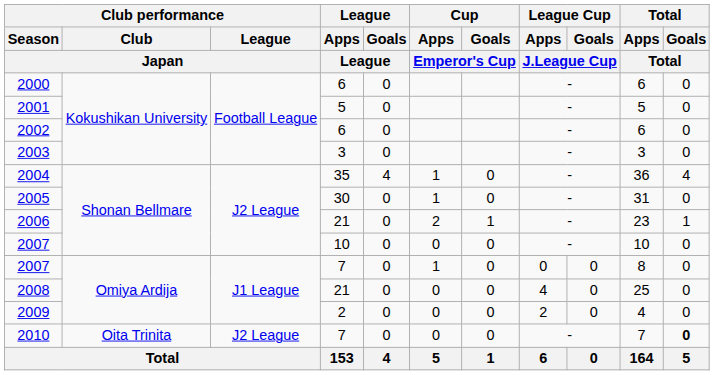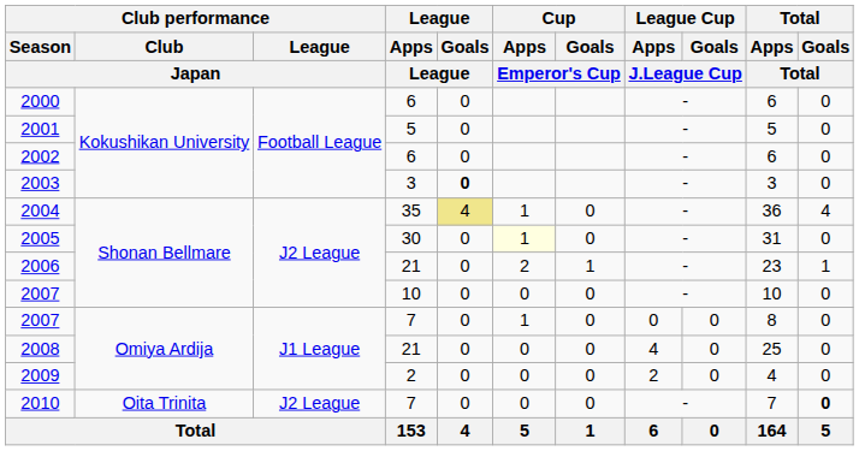 <table class="wikitable" style="text-align:center;">
 <tr>
 <th colspan=3>Club performance</th>
 <th colspan=2>League</th>
 <th colspan=2>Cup</th>
 <th colspan=2>League Cup</th>
 <th colspan=2>Total</th>
 </tr>
 <tr>
 <th>Season</th>
 <th>Club</th>
 <th>League</th>
 <th>Apps</th>
 <th>Goals</th>
 <th>Apps</th>
 <th>Goals</th>
 <th>Apps</th>
 <th>Goals</th>
 <th>Apps</th>
 <th>Goals</th>
 </tr>
 <tr>
 <th colspan=3>Japan</th>
 <th colspan=2>League</th>
 <th colspan=2><a href='#'>Emperor's Cup</a></th>
 <th colspan=2><a href='#'>J.League Cup</a></th>
 <th colspan=2>Total</th>
 </tr>
 <tr>
 <td><a href='#'>2000</a></td>
 <td rowspan="4"><a href='#'>Kokushikan University</a></td>
 <td rowspan="4"><a href='#'>Football League</a></td>
 <td>6</td>
 <td>0</td>
 <td></td>
 <td></td>
 <td colspan="2">-</td>
 <td>6</td>
 <td>0</td>
 </tr>
 <tr>
 <td><a href='#'>2001</a></td>
 <td>5</td>
 <td>0</td>
 <td></td>
 <td></td>
 <td colspan="2">-</td>
 <td>5</td>
 <td>0</td>
 </tr>
 <tr>
 <td><a href='#'>2002</a></td>
 <td>6</td>
 <td>0</td>
 <td></td>
 <td></td>
 <td colspan="2">-</td>
 <td>6</td>
 <td>0</td>
 </tr>
 <tr>
 <td><a href='#'>2003</a></td>
 <td>3</td>
-<td>0</td>
+<td><strong>0</strong></td>
 <td></td>
 <td></td>
 <td colspan="2">-</td>
 <td>3</td>
 <td>0</td>
 </tr>
 <tr>
 <td><a href='#'>2004</a></td>
 <td rowspan="4"><a href='#'>Shonan Bellmare</a></td>
 <td rowspan="4"><a href='#'>J2 League</a></td>
 <td>35</td>
-<td>4</td>
+<td style="background: khaki;">4</td>
 <td>1</td>
 <td>0</td>
 <td colspan="2">-</td>
 <td>36</td>
 <td>4</td>
 </tr>
 <tr>
 <td><a href='#'>2005</a></td>
 <td>30</td>
 <td>0</td>
-<td>1</td>
+<td style="background: lightyellow;">1</td>
 <td>0</td>
 <td colspan="2">-</td>
 <td>31</td>
 <td>0</td>
 </tr>
 <tr>
 <td><a href='#'>2006</a></td>
 <td>21</td>
 <td>0</td>
 <td>2</td>
 <td>1</td>
 <td colspan="2">-</td>
 <td>23</td>
 <td>1</td>
 </tr>
 <tr>
 <td><a href='#'>2007</a></td>
 <td>10</td>
 <td>0</td>
 <td>0</td>
 <td>0</td>
 <td colspan="2">-</td>
 <td>10</td>
 <td>0</td>
 </tr>
 <tr>
 <td><a href='#'>2007</a></td>
 <td rowspan="3"><a href='#'>Omiya Ardija</a></td>
 <td rowspan="3"><a href='#'>J1 League</a></td>
 <td>7</td>
 <td>0</td>
 <td>1</td>
 <td>0</td>
 <td>0</td>
 <td>0</td>
 <td>8</td>
 <td>0</td>
 </tr>
 <tr>
 <td><a href='#'>2008</a></td>
 <td>21</td>
 <td>0</td>
 <td>0</td>
 <td>0</td>
 <td>4</td>
 <td>0</td>
 <td>25</td>
 <td>0</td>
 </tr>
 <tr>
 <td><a href='#'>2009</a></td>
 <td>2</td>
 <td>0</td>
 <td>0</td>
 <td>0</td>
 <td>2</td>
 <td>0</td>
 <td>4</td>
 <td>0</td>
 </tr>
 <tr>
 <td><a href='#'>2010</a></td>
 <td><a href='#'>Oita Trinita</a></td>
 <td><a href='#'>J2 League</a></td>
 <td>7</td>
 <td>0</td>
 <td>0</td>
 <td>0</td>
 <td colspan="2">-</td>
 <td>7</td>
 <td><strong>0</strong></td>
 </tr>
 <tr>
 <th colspan=3>Total</th>
 <th>153</th>
 <th>4</th>
 <th>5</th>
 <th>1</th>
 <th>6</th>
 <th>0</th>
 <th>164</th>
 <th>5</th>
 </tr>
 </table>
